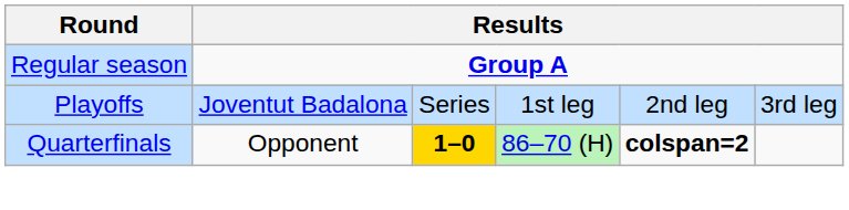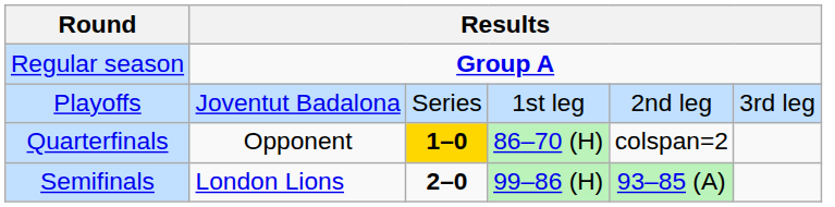 <table class="wikitable" style="text-align:center;">
 <tr>
 <th>Round</th>
 <th colspan="5">Results</th>
 </tr>
 <tr>
 <td style="background-color:#c1e0ff;"><a href='#'>Regular season</a></td>
 <td colspan="5" style="valign=top;"><strong><a href='#'>Group A</a></strong><br><div></div></td>
 </tr>
 <tr style="background-color:#c1e0ff;">
 <td><a href='#'>Playoffs</a></td>
 <td style="text-align:left;"> <a href='#'>Joventut Badalona</a></td>
 <td width=30>Series</td>
 <td>1st leg</td>
 <td>2nd leg</td>
 <td>3rd leg</td>
 </tr>
 <tr>
 <td style="background-color:#c1e0ff;"><a href='#'>Quarterfinals</a></td>
 <td>Opponent</td>
 <td style="background: gold;"><strong>1–0</strong></td>
 <td style="background-color:#bbf3bb;"><a href='#'>86–70</a> (H)</td>
-<td><strong>colspan=2 </strong></td>
+<td>colspan=2 </td>
+</tr>
+<tr>
+<td style="background-color:#c1e0ff;"><a href='#'>Semifinals</a></td>
+<td style="text-align:left;"> <a href='#'>London Lions</a></td>
+<td><strong>2–0</strong></td>
+<td style="background-color:#bbf3bb;"><a href='#'>99–86</a> (H)</td>
+<td style="background-color:#bbf3bb;"><a href='#'>93–85</a> (A)</td>
+<td></td>
 </tr>
 </table>
